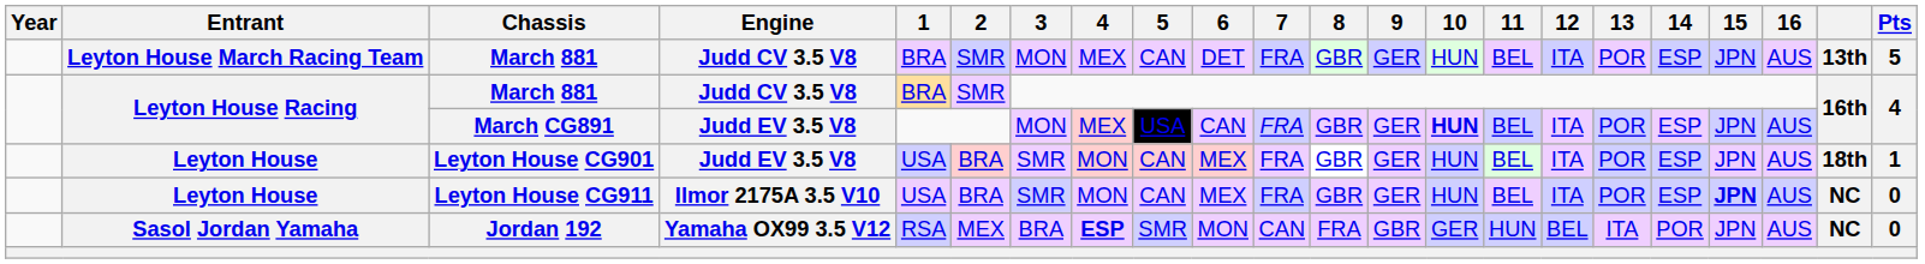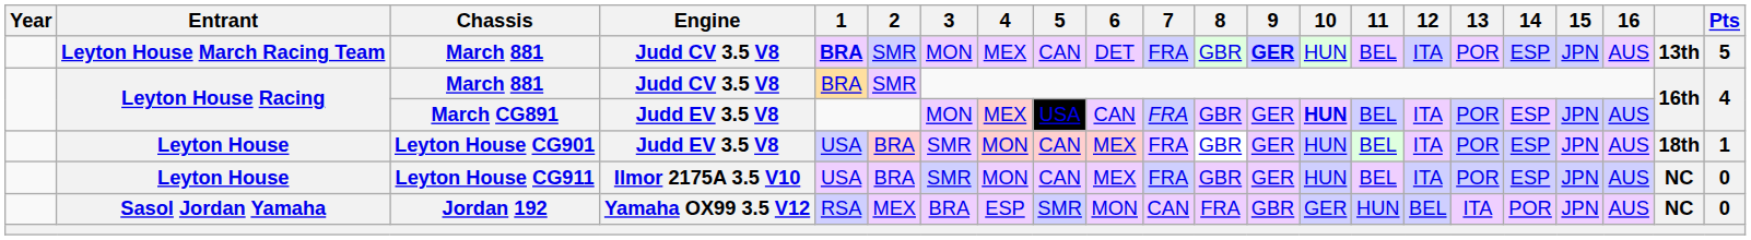 <table class="wikitable" style="text-align:center; font-size:85%">
 <tr>
 <th scope="col">Year</th>
 <th scope="col">Entrant</th>
 <th scope="col">Chassis</th>
 <th scope="col">Engine</th>
 <th scope="col">1</th>
 <th scope="col">2</th>
 <th scope="col">3</th>
 <th scope="col">4</th>
 <th scope="col">5</th>
 <th scope="col">6</th>
 <th scope="col">7</th>
 <th scope="col">8</th>
 <th scope="col">9</th>
 <th scope="col">10</th>
 <th scope="col">11</th>
 <th scope="col">12</th>
 <th scope="col">13</th>
 <th scope="col">14</th>
 <th scope="col">15</th>
 <th scope="col">16</th>
 <th scope="col"></th>
 <th scope="col"><a href='#'>Pts</a></th>
 </tr>
 <tr>
 <td></td>
 <th nowrap><a href='#'>Leyton House</a> <a href='#'>March Racing Team</a></th>
 <th nowrap><a href='#'>March</a> <a href='#'>881</a></th>
 <th nowrap><a href='#'>Judd CV</a> 3.5 <a href='#'>V8</a></th>
-<td style="background:#EFCFFF;"><a href='#'>BRA</a><br></td>
+<td style="background:#EFCFFF;"><strong><a href='#'>BRA</a><br></strong></td>
 <td style="background:#CFCFFF;"><a href='#'>SMR</a><br></td>
 <td style="background:#EFCFFF;"><a href='#'>MON</a><br></td>
 <td style="background:#EFCFFF;"><a href='#'>MEX</a><br></td>
 <td style="background:#EFCFFF;"><a href='#'>CAN</a><br></td>
 <td style="background:#EFCFFF;"><a href='#'>DET</a><br></td>
 <td style="background:#CFCFFF;"><a href='#'>FRA</a><br></td>
 <td style="background:#DFFFDF;"><a href='#'>GBR</a><br></td>
-<td style="background:#CFCFFF;"><a href='#'>GER</a><br></td>
+<td style="background:#CFCFFF;"><strong><a href='#'>GER</a><br></strong></td>
 <td style="background:#DFFFDF;"><a href='#'>HUN</a><br></td>
 <td style="background:#EFCFFF;"><a href='#'>BEL</a><br></td>
 <td style="background:#CFCFFF;"><a href='#'>ITA</a><br></td>
 <td style="background:#EFCFFF;"><a href='#'>POR</a><br></td>
 <td style="background:#CFCFFF;"><a href='#'>ESP</a><br></td>
 <td style="background:#CFCFFF;"><a href='#'>JPN</a><br></td>
 <td style="background:#EFCFFF;"><a href='#'>AUS</a><br></td>
 <th>13th</th>
 <th>5</th>
 </tr>
 <tr>
 <td rowspan=2></td>
 <th rowspan=2 nowrap><a href='#'>Leyton House</a> <a href='#'>Racing</a></th>
 <th nowrap><a href='#'>March</a> <a href='#'>881</a></th>
 <th nowrap><a href='#'>Judd CV</a> 3.5 <a href='#'>V8</a></th>
 <td style="background:#FFDF9F;"><a href='#'>BRA</a><br></td>
 <td style="background:#EFCFFF;"><a href='#'>SMR</a><br></td>
 <td colspan=14></td>
 <th rowspan=2>16th</th>
 <th rowspan=2>4</th>
 </tr>
 <tr>
 <th nowrap><a href='#'>March</a> <a href='#'>CG891</a></th>
 <th nowrap><a href='#'>Judd EV</a> 3.5 <a href='#'>V8</a></th>
 <td colspan=2></td>
 <td style="background:#EFCFFF;"><a href='#'>MON</a><br></td>
 <td style="background:#FFCFCF;"><a href='#'>MEX</a><br></td>
 <td style="background:#000000; color:white"><a href='#'><span>USA</span></a><br></td>
 <td style="background:#EFCFFF;"><a href='#'>CAN</a><br></td>
 <td style="background:#CFCFFF;"><em><a href='#'>FRA</a></em><br></td>
 <td style="background:#EFCFFF;"><a href='#'>GBR</a><br></td>
 <td style="background:#EFCFFF;"><a href='#'>GER</a><br></td>
 <td style="background:#EFCFFF;"><strong><a href='#'>HUN</a><br></strong></td>
 <td style="background:#CFCFFF;"><a href='#'>BEL</a><br></td>
 <td style="background:#EFCFFF;"><a href='#'>ITA</a><br></td>
 <td style="background:#CFCFFF;"><a href='#'>POR</a><br></td>
 <td style="background:#EFCFFF;"><a href='#'>ESP</a><br></td>
 <td style="background:#CFCFFF;"><a href='#'>JPN</a><br></td>
 <td style="background:#CFCFFF;"><a href='#'>AUS</a><br></td>
 </tr>
 <tr>
 <td></td>
 <th nowrap><a href='#'>Leyton House</a></th>
 <th nowrap><a href='#'>Leyton House</a> <a href='#'>CG901</a></th>
 <th nowrap><a href='#'>Judd EV</a> 3.5 <a href='#'>V8</a></th>
 <td style="background:#CFCFFF;"><a href='#'>USA</a><br></td>
 <td style="background:#FFCFCF;"><a href='#'>BRA</a><br></td>
 <td style="background:#EFCFFF;"><a href='#'>SMR</a><br></td>
 <td style="background:#FFCFCF;"><a href='#'>MON</a><br></td>
 <td style="background:#FFCFCF;"><a href='#'>CAN</a><br></td>
 <td style="background:#FFCFCF;"><a href='#'>MEX</a><br></td>
 <td style="background:#EFCFFF;"><a href='#'>FRA</a><br></td>
 <td style="background:#ffffff;"><a href='#'>GBR</a><br></td>
 <td style="background:#EFCFFF;"><a href='#'>GER</a><br></td>
 <td style="background:#CFCFFF;"><a href='#'>HUN</a><br></td>
 <td style="background:#DFFFDF;"><a href='#'>BEL</a><br></td>
 <td style="background:#EFCFFF;"><a href='#'>ITA</a><br></td>
 <td style="background:#CFCFFF;"><a href='#'>POR</a><br></td>
 <td style="background:#CFCFFF;"><a href='#'>ESP</a><br></td>
 <td style="background:#EFCFFF;"><a href='#'>JPN</a><br></td>
 <td style="background:#EFCFFF;"><a href='#'>AUS</a><br></td>
 <th>18th</th>
 <th>1</th>
 </tr>
 <tr>
 <td></td>
 <th nowrap><a href='#'>Leyton House</a></th>
 <th nowrap><a href='#'>Leyton House</a> <a href='#'>CG911</a></th>
 <th nowrap><a href='#'>Ilmor</a> 2175A 3.5 <a href='#'>V10</a></th>
 <td style="background:#EFCFFF;"><a href='#'>USA</a><br></td>
 <td style="background:#EFCFFF;"><a href='#'>BRA</a><br></td>
 <td style="background:#CFCFFF;"><a href='#'>SMR</a><br></td>
 <td style="background:#EFCFFF;"><a href='#'>MON</a><br></td>
 <td style="background:#EFCFFF;"><a href='#'>CAN</a><br></td>
 <td style="background:#EFCFFF;"><a href='#'>MEX</a><br></td>
 <td style="background:#CFCFFF;"><a href='#'>FRA</a><br></td>
 <td style="background:#EFCFFF;"><a href='#'>GBR</a><br></td>
 <td style="background:#EFCFFF;"><a href='#'>GER</a><br></td>
 <td style="background:#CFCFFF;"><a href='#'>HUN</a><br></td>
 <td style="background:#EFCFFF;"><a href='#'>BEL</a><br></td>
 <td style="background:#CFCFFF;"><a href='#'>ITA</a><br></td>
 <td style="background:#CFCFFF;"><a href='#'>POR</a><br></td>
 <td style="background:#CFCFFF;"><a href='#'>ESP</a><br></td>
-<td style="background:#CFCFFF;"><strong><a href='#'>JPN</a><br></strong></td>
+<td style="background:#CFCFFF;"><a href='#'>JPN</a><br></td>
 <td style="background:#CFCFFF;"><a href='#'>AUS</a><br></td>
 <th>NC</th>
 <th>0</th>
 </tr>
 <tr>
 <td></td>
 <th nowrap><a href='#'>Sasol</a> <a href='#'>Jordan</a> <a href='#'>Yamaha</a></th>
 <th nowrap><a href='#'>Jordan</a> <a href='#'>192</a></th>
 <th nowrap><a href='#'>Yamaha</a> OX99 3.5 <a href='#'>V12</a></th>
 <td style="background:#CFCFFF;"><a href='#'>RSA</a><br></td>
 <td style="background:#EFCFFF;"><a href='#'>MEX</a><br></td>
 <td style="background:#EFCFFF;"><a href='#'>BRA</a><br></td>
-<td style="background:#EFCFFF;"><strong><a href='#'>ESP</a><br></strong></td>
+<td style="background:#EFCFFF;"><a href='#'>ESP</a><br></td>
 <td style="background:#CFCFFF;"><a href='#'>SMR</a><br></td>
 <td style="background:#EFCFFF;"><a href='#'>MON</a><br></td>
 <td style="background:#EFCFFF;"><a href='#'>CAN</a><br></td>
 <td style="background:#EFCFFF;"><a href='#'>FRA</a><br></td>
 <td style="background:#EFCFFF;"><a href='#'>GBR</a><br></td>
 <td style="background:#CFCFFF;"><a href='#'>GER</a><br></td>
 <td style="background:#CFCFFF;"><a href='#'>HUN</a><br></td>
 <td style="background:#CFCFFF;"><a href='#'>BEL</a><br></td>
 <td style="background:#EFCFFF;"><a href='#'>ITA</a><br></td>
 <td style="background:#EFCFFF;"><a href='#'>POR</a><br></td>
 <td style="background:#EFCFFF;"><a href='#'>JPN</a><br></td>
 <td style="background:#EFCFFF;"><a href='#'>AUS</a><br></td>
 <th>NC</th>
 <th>0</th>
 </tr>
 <tr>
 <th colspan="22"></th>
 </tr>
 </table>
